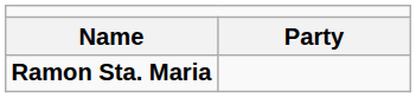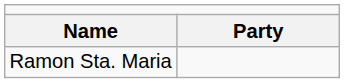 <table class="wikitable" style="font-size:90%">
 <tr>
 <td colspan="5" style="color:inherit;background:"></td>
 </tr>
 <tr>
 <th !width=150px>Name</th>
 <th colspan=2 width=110px>Party</th>
 </tr>
 <tr>
-<td><strong>Ramon Sta. Maria</strong></td>
+<td>Ramon Sta. Maria</td>
 <td></td>
 </tr>
 </table>
